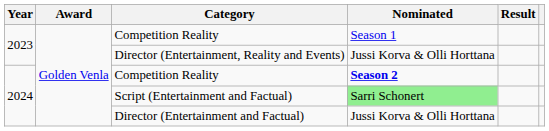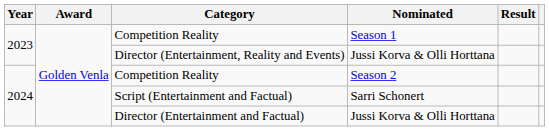 <table class="wikitable">
 <tr>
 <th>Year</th>
 <th>Award</th>
 <th>Category</th>
 <th>Nominated</th>
 <th>Result</th>
 <th></th>
 </tr>
 <tr>
 <td rowspan="2">2023</td>
 <td rowspan="5"><a href='#'>Golden Venla</a></td>
 <td>Competition Reality</td>
 <td><a href='#'>Season 1</a></td>
 <td></td>
 <td></td>
 </tr>
 <tr>
 <td>Director (Entertainment, Reality and Events)</td>
 <td>Jussi Korva & Olli Horttana</td>
 <td></td>
 <td></td>
 </tr>
 <tr>
 <td rowspan="3">2024</td>
 <td>Competition Reality</td>
-<td><strong><a href='#'>Season 2</a></strong></td>
+<td><a href='#'>Season 2</a></td>
 <td></td>
 <td></td>
 </tr>
 <tr>
 <td>Script (Entertainment and Factual)</td>
-<td style="background: lightgreen;">Sarri Schonert</td>
+<td>Sarri Schonert</td>
 <td></td>
 <td></td>
 </tr>
 <tr>
 <td>Director (Entertainment and Factual)</td>
 <td>Jussi Korva & Olli Horttana</td>
 <td></td>
 <td></td>
 </tr>
 </table>
